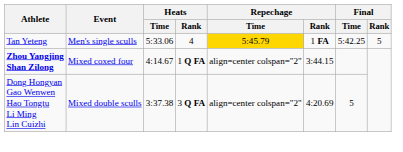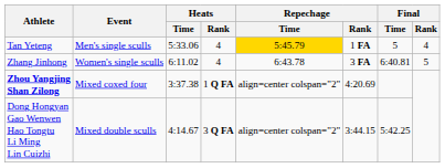 <table class="wikitable" style="font-size:90%;">
 <tr>
 <th rowspan="2">Athlete</th>
 <th rowspan="2">Event</th>
 <th colspan="2">Heats</th>
 <th colspan="2">Repechage</th>
 <th colspan="2">Final</th>
 </tr>
 <tr style="font-size:95%">
 <th>Time</th>
 <th>Rank</th>
 <th>Time</th>
 <th>Rank</th>
 <th>Time</th>
 <th>Rank</th>
 </tr>
 <tr>
 <td align=left><a href='#'>Tan Yeteng</a></td>
 <td align=left><a href='#'>Men's single sculls</a></td>
 <td align=center>5:33.06</td>
 <td align=center>4</td>
 <td align=center style="background: gold;">5:45.79</td>
 <td align=center>1 <strong>FA</strong></td>
-<td align=center>5:42.25</td>
+<td align=center>5</td>
+<td align=center>4</td>
+</tr>
+<tr>
+<td align=left><a href='#'>Zhang Jinhong</a></td>
+<td align=left><a href='#'>Women's single sculls</a></td>
+<td align=center>6:11.02</td>
+<td align=center>4</td>
+<td align=center>6:43.78</td>
+<td align=center>3 <strong>FA</strong></td>
+<td align=center>6:40.81</td>
 <td align=center>5</td>
 </tr>
 <tr>
 <td align=left><strong><a href='#'>Zhou Yangjing</a></strong><br> <strong><a href='#'>Shan Zilong</a></strong></td>
 <td align=left><a href='#'>Mixed coxed four</a></td>
-<td align=center>4:14.67</td>
+<td align=center>3:37.38</td>
 <td align=center>1 <strong>Q FA</strong></td>
 <td>align=center colspan="2" </td>
-<td align=center>3:44.15</td>
+<td align=center>4:20.69</td>
 <td align=center></td>
 </tr>
 <tr>
 <td align=left><a href='#'>Dong Hongyan</a><br> <a href='#'>Gao Wenwen</a><br> <a href='#'>Hao Tongtu</a><br> <a href='#'>Li Ming</a><br> <a href='#'>Lin Cuizhi</a></td>
 <td align=left><a href='#'>Mixed double sculls</a></td>
-<td align=center>3:37.38</td>
+<td align=center>4:14.67</td>
 <td align=center>3 <strong>Q FA</strong></td>
 <td>align=center colspan="2" </td>
-<td align=center>4:20.69</td>
-<td align=center>5</td>
+<td align=center>3:44.15</td>
+<td align=center>5:42.25</td>
 </tr>
 </table>
